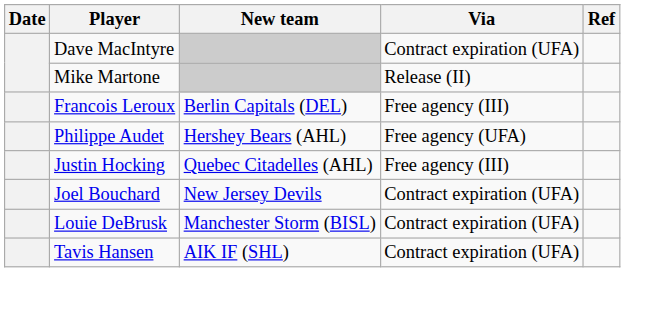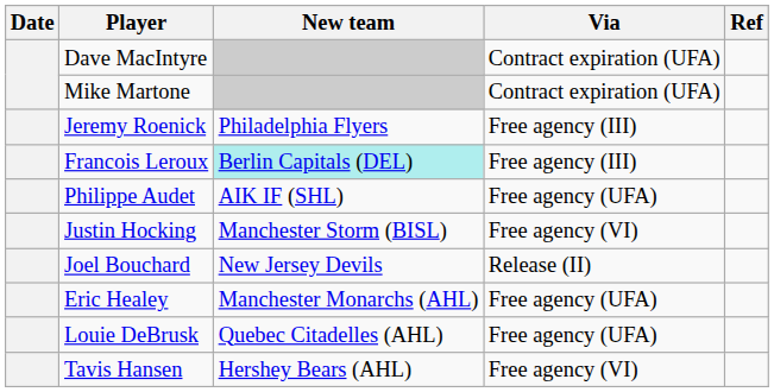 <table class="wikitable plainrowheaders">
 <tr style="background:#ddd; text-align:center;">
 <th>Date</th>
 <th>Player</th>
 <th>New team</th>
 <th>Via</th>
 <th>Ref</th>
 </tr>
 <tr>
 <th scope="row" rowspan=2></th>
 <td>Dave MacIntyre</td>
 <td style="background:#ccc"></td>
 <td>Contract expiration (UFA)</td>
 <td></td>
 </tr>
 <tr>
 <td>Mike Martone</td>
 <td style="background:#ccc"></td>
-<td>Release (II)</td>
+<td>Contract expiration (UFA)</td>
+<td></td>
+</tr>
+<tr>
+<th scope="row"></th>
+<td><a href='#'>Jeremy Roenick</a></td>
+<td><a href='#'>Philadelphia Flyers</a></td>
+<td>Free agency (III)</td>
 <td></td>
 </tr>
 <tr>
 <th scope="row"></th>
 <td><a href='#'>Francois Leroux</a></td>
-<td><a href='#'>Berlin Capitals</a> (<a href='#'>DEL</a>)</td>
+<td style="background: paleturquoise;"><a href='#'>Berlin Capitals</a> (<a href='#'>DEL</a>)</td>
 <td>Free agency (III)</td>
 <td></td>
 </tr>
 <tr>
 <th scope="row"></th>
 <td><a href='#'>Philippe Audet</a></td>
-<td><a href='#'>Hershey Bears</a> (AHL)</td>
+<td><a href='#'>AIK IF</a> (<a href='#'>SHL</a>)</td>
 <td>Free agency (UFA)</td>
 <td></td>
 </tr>
 <tr>
 <th scope="row"></th>
 <td><a href='#'>Justin Hocking</a></td>
-<td><a href='#'>Quebec Citadelles</a> (AHL)</td>
-<td>Free agency (III)</td>
+<td><a href='#'>Manchester Storm</a> (<a href='#'>BISL</a>)</td>
+<td>Free agency (VI)</td>
 <td></td>
 </tr>
 <tr>
 <th scope="row"></th>
 <td><a href='#'>Joel Bouchard</a></td>
 <td><a href='#'>New Jersey Devils</a></td>
-<td>Contract expiration (UFA)</td>
+<td>Release (II)</td>
+<td></td>
+</tr>
+<tr>
+<th scope="row"></th>
+<td><a href='#'>Eric Healey</a></td>
+<td><a href='#'>Manchester Monarchs</a> (<a href='#'>AHL</a>)</td>
+<td>Free agency (UFA)</td>
 <td></td>
 </tr>
 <tr>
 <th scope="row"></th>
 <td><a href='#'>Louie DeBrusk</a></td>
-<td><a href='#'>Manchester Storm</a> (<a href='#'>BISL</a>)</td>
-<td>Contract expiration (UFA)</td>
+<td><a href='#'>Quebec Citadelles</a> (AHL)</td>
+<td>Free agency (UFA)</td>
 <td></td>
 </tr>
 <tr>
 <th scope="row"></th>
 <td><a href='#'>Tavis Hansen</a></td>
-<td><a href='#'>AIK IF</a> (<a href='#'>SHL</a>)</td>
-<td>Contract expiration (UFA)</td>
+<td><a href='#'>Hershey Bears</a> (AHL)</td>
+<td>Free agency (VI)</td>
 <td></td>
 </tr>
 </table>
